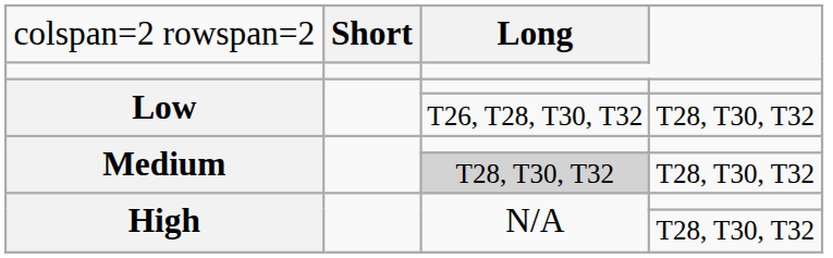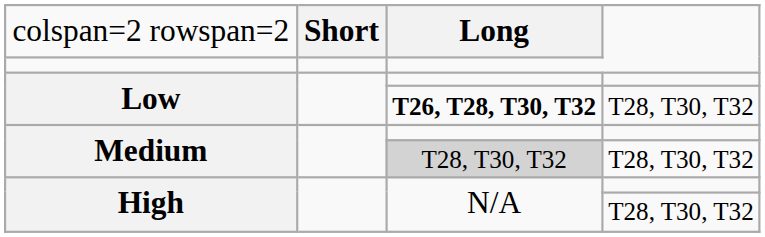 <table class="wikitable floatright" style="font-size:90%;text-align:center;">
 <tr>
 <td>colspan=2 rowspan=2 </td>
 <th>Short</th>
 <th>Long</th>
 </tr>
 <tr>
 <td></td>
 <td></td>
 </tr>
 <tr>
 <th rowspan=2>Low</th>
 <td rowspan=2></td>
 <td></td>
 <td></td>
 </tr>
 <tr style="font-size:80%;">
-<td>T26, T28, T30, T32</td>
+<td><strong>T26, T28, T30, T32</strong></td>
 <td>T28, T30, T32</td>
 </tr>
 <tr>
 <th rowspan=2>Medium</th>
 <td rowspan=2></td>
 <td></td>
 <td></td>
 </tr>
 <tr style="font-size:80%;">
 <td style="background: lightgrey;">T28, T30, T32</td>
 <td>T28, T30, T32</td>
 </tr>
 <tr>
 <th rowspan=2>High</th>
 <td rowspan=2></td>
 <td rowspan=2>N/A</td>
 <td></td>
 </tr>
 <tr style="font-size:80%;">
 <td>T28, T30, T32</td>
 </tr>
 </table>
